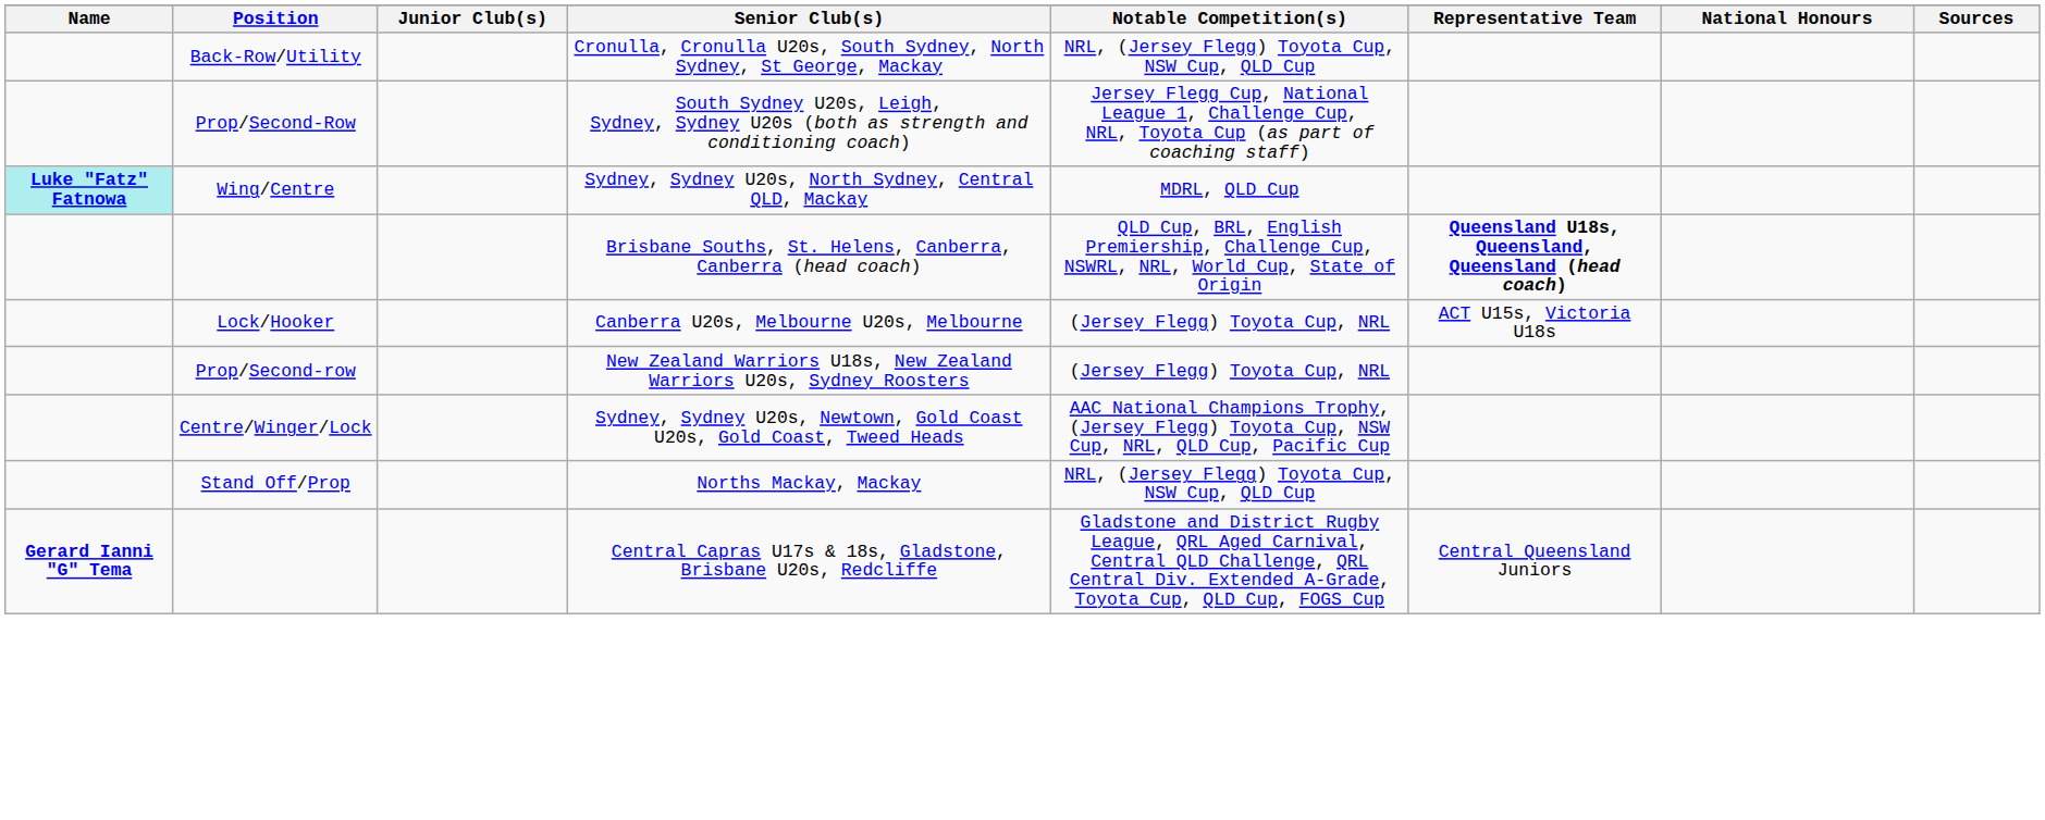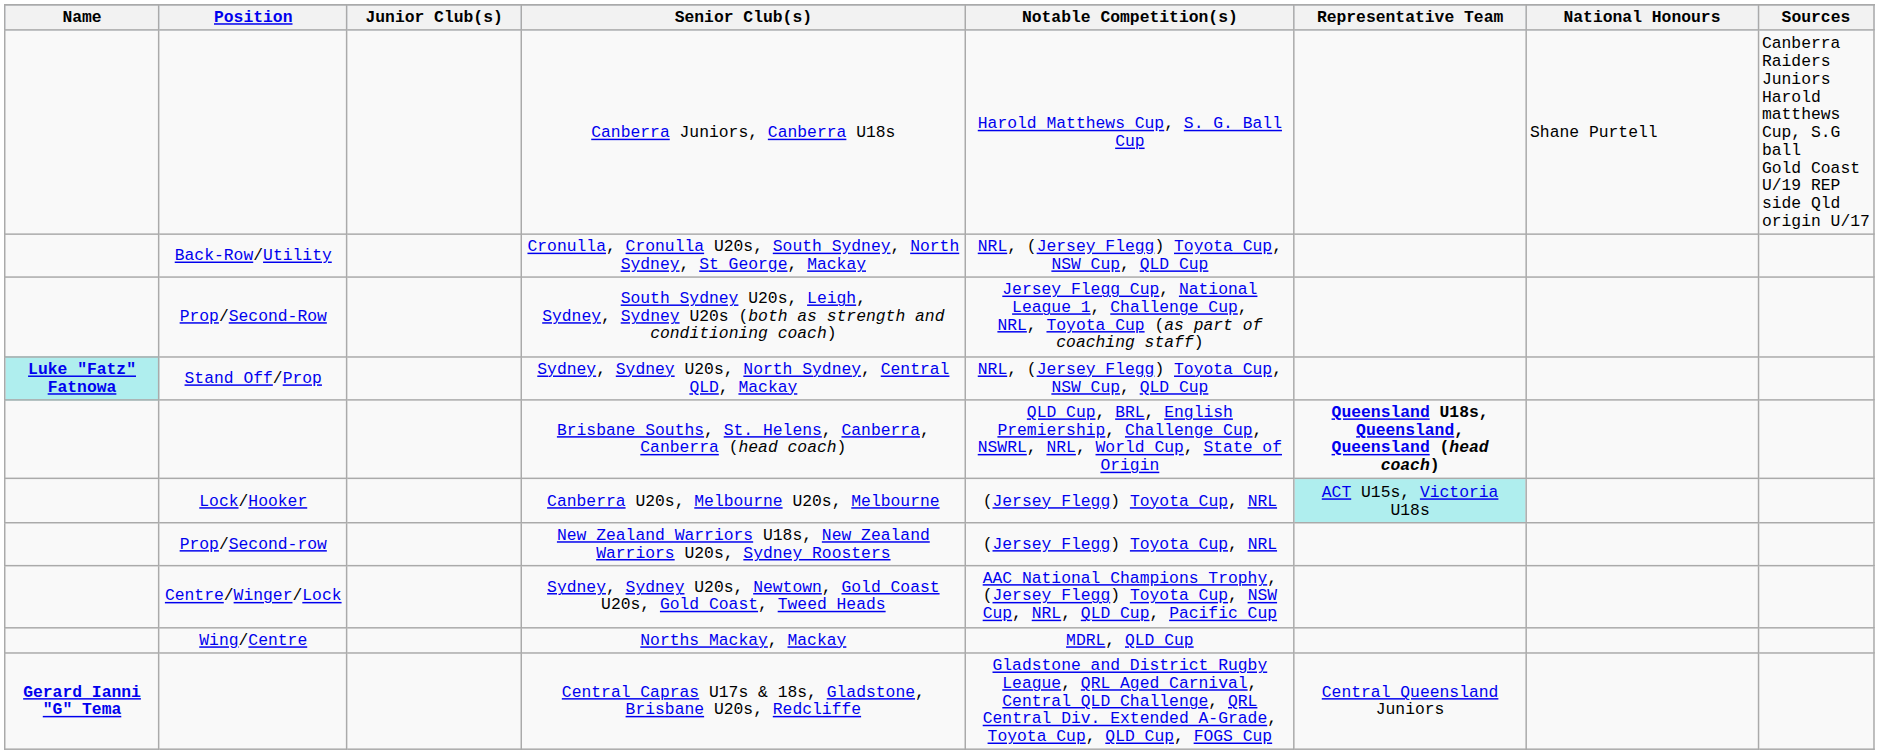 <table class="wikitable sortable" width="100%" style="font-size:85%">
 <tr bgcolor="#D0E7FF">
 </tr>
 <tr bgcolor="#D0E7FF">
 <th width=8%>Name</th>
 <th width=5%><a href='#'>Position</a></th>
 <th width=9%>Junior Club(s)</th>
 <th width=23%>Senior Club(s)</th>
 <th width=17%>Notable Competition(s)</th>
 <th width=12%>Representative Team</th>
 <th width=12%>National Honours</th>
 <th width=6%>Sources</th>
+</tr>
+<tr>
+<td></td>
+<td></td>
+<td></td>
+<td style="text-align:center;"><a href='#'>Canberra</a> Juniors, <a href='#'>Canberra</a> U18s</td>
+<td style="text-align:center;"><a href='#'>Harold Matthews Cup</a>, <a href='#'>S. G. Ball Cup</a></td>
+<td></td>
+<td>Shane Purtell</td>
+<td>Canberra Raiders Juniors Harold matthews Cup, S.G ball<br>Gold Coast U/19 REP side Qld origin U/17</td>
 </tr>
 <tr>
 <td></td>
 <td style="text-align:center;"><a href='#'>Back-Row</a>/<a href='#'>Utility</a></td>
 <td></td>
 <td style="text-align:center;"><a href='#'>Cronulla</a>, <a href='#'>Cronulla</a> U20s, <a href='#'>South Sydney</a>, <a href='#'>North Sydney</a>, <a href='#'>St George</a>, <a href='#'>Mackay</a></td>
 <td style="text-align:center;"><a href='#'>NRL</a>, (<a href='#'>Jersey Flegg</a>) <a href='#'>Toyota Cup</a>, <a href='#'>NSW Cup</a>, <a href='#'>QLD Cup</a></td>
 <td></td>
 <td></td>
 <td></td>
 </tr>
 <tr>
 <td></td>
 <td style="text-align:center;"><a href='#'>Prop</a>/<a href='#'>Second-Row</a></td>
 <td></td>
 <td style="text-align:center;"><a href='#'>South Sydney</a> U20s, <a href='#'>Leigh</a>,<br> <a href='#'>Sydney</a>, <a href='#'>Sydney</a> U20s (<em>both as strength and conditioning coach</em>)</td>
 <td style="text-align:center;"><a href='#'>Jersey Flegg Cup</a>, <a href='#'>National League 1</a>, <a href='#'>Challenge Cup</a>, <br><a href='#'>NRL</a>, <a href='#'>Toyota Cup</a> (<em>as part of coaching staff</em>)</td>
 <td></td>
 <td></td>
 <td></td>
 </tr>
 <tr>
 <td style="background: paleturquoise; text-align:center;"><strong><a href='#'>Luke "Fatz" Fatnowa</a></strong></td>
-<td style="text-align:center;"><a href='#'>Wing</a>/<a href='#'>Centre</a></td>
+<td style="text-align:center;"><a href='#'>Stand Off</a>/<a href='#'>Prop</a></td>
 <td></td>
 <td style="text-align:center;"><a href='#'>Sydney</a>, <a href='#'>Sydney</a> U20s, <a href='#'>North Sydney</a>, <a href='#'>Central QLD</a>, <a href='#'>Mackay</a></td>
-<td style="text-align:center;"><a href='#'>MDRL</a>, <a href='#'>QLD Cup</a></td>
+<td style="text-align:center;"><a href='#'>NRL</a>, (<a href='#'>Jersey Flegg</a>) <a href='#'>Toyota Cup</a>, <a href='#'>NSW Cup</a>, <a href='#'>QLD Cup</a></td>
 <td></td>
 <td></td>
 <td style="text-align:center;"><br><br></td>
 </tr>
 <tr>
 <td></td>
 <td></td>
 <td></td>
 <td style="text-align:center;"><a href='#'>Brisbane Souths</a>, <a href='#'>St. Helens</a>, <a href='#'>Canberra</a>, <br> <a href='#'>Canberra</a> (<em>head coach</em>)</td>
 <td style="text-align:center;"><a href='#'>QLD Cup</a>, <a href='#'>BRL</a>, <a href='#'>English Premiership</a>, <a href='#'>Challenge Cup</a>, <a href='#'>NSWRL</a>, <a href='#'>NRL</a>, <a href='#'>World Cup</a>, <a href='#'>State of Origin</a></td>
 <td style="text-align:center;"><strong><a href='#'>Queensland</a> U18s, <a href='#'>Queensland</a>, <br> <a href='#'>Queensland</a> (<em>head coach</em>)</strong></td>
 <td></td>
 <td></td>
 </tr>
 <tr>
 <td></td>
 <td style="text-align:center;"><a href='#'>Lock</a>/<a href='#'>Hooker</a></td>
 <td></td>
 <td style="text-align:center;"><a href='#'>Canberra</a> U20s, <a href='#'>Melbourne</a> U20s, <a href='#'>Melbourne</a></td>
 <td style="text-align:center;">(<a href='#'>Jersey Flegg</a>) <a href='#'>Toyota Cup</a>, <a href='#'>NRL</a></td>
-<td style="text-align:center;"><a href='#'>ACT</a> U15s, <a href='#'>Victoria</a> U18s</td>
+<td style="background: paleturquoise; text-align:center;"><a href='#'>ACT</a> U15s, <a href='#'>Victoria</a> U18s</td>
 <td></td>
 <td></td>
 </tr>
 <tr>
 <td></td>
 <td style="text-align:center;"><a href='#'>Prop</a>/<a href='#'>Second-row</a></td>
 <td></td>
 <td style="text-align:center;"><a href='#'>New Zealand Warriors</a> U18s, <a href='#'>New Zealand Warriors</a> U20s, <a href='#'>Sydney Roosters</a></td>
 <td style="text-align:center;">(<a href='#'>Jersey Flegg</a>) <a href='#'>Toyota Cup</a>, <a href='#'>NRL</a></td>
 <td></td>
 <td></td>
 <td></td>
 </tr>
 <tr>
 <td></td>
 <td style="text-align:center;"><a href='#'>Centre</a>/<a href='#'>Winger</a>/<a href='#'>Lock</a></td>
 <td></td>
 <td style="text-align:center;"><a href='#'>Sydney</a>, <a href='#'>Sydney</a> U20s, <a href='#'>Newtown</a>, <a href='#'>Gold Coast</a> U20s, <a href='#'>Gold Coast</a>, <a href='#'>Tweed Heads</a></td>
 <td style="text-align:center;"><a href='#'>AAC National Champions Trophy</a>, (<a href='#'>Jersey Flegg</a>) <a href='#'>Toyota Cup</a>, <a href='#'>NSW Cup</a>, <a href='#'>NRL</a>, <a href='#'>QLD Cup</a>, <a href='#'>Pacific Cup</a></td>
 <td></td>
 <td></td>
 <td></td>
 </tr>
 <tr>
 <td></td>
-<td style="text-align:center;"><a href='#'>Stand Off</a>/<a href='#'>Prop</a></td>
+<td style="text-align:center;"><a href='#'>Wing</a>/<a href='#'>Centre</a></td>
 <td></td>
 <td style="text-align:center;"><a href='#'>Norths Mackay</a>, <a href='#'>Mackay</a></td>
-<td style="text-align:center;"><a href='#'>NRL</a>, (<a href='#'>Jersey Flegg</a>) <a href='#'>Toyota Cup</a>, <a href='#'>NSW Cup</a>, <a href='#'>QLD Cup</a></td>
+<td style="text-align:center;"><a href='#'>MDRL</a>, <a href='#'>QLD Cup</a></td>
 <td></td>
 <td></td>
 <td></td>
 </tr>
 <tr>
 <td style="text-align:center;"><strong><a href='#'>Gerard Ianni "G" Tema</a></strong></td>
 <td></td>
 <td></td>
 <td style="text-align:center;"><a href='#'>Central Capras</a> U17s & 18s, <a href='#'>Gladstone</a>, <a href='#'>Brisbane</a> U20s, <a href='#'>Redcliffe</a></td>
 <td style="text-align:center;"><a href='#'>Gladstone and District Rugby League</a>, <a href='#'>QRL Aged Carnival</a>, <a href='#'>Central QLD Challenge</a>, <a href='#'>QRL Central Div. Extended A-Grade</a>, <a href='#'>Toyota Cup</a>, <a href='#'>QLD Cup</a>, <a href='#'>FOGS Cup</a></td>
 <td style="text-align:center;"><a href='#'>Central Queensland</a> <br> Juniors</td>
 <td></td>
 <td style="text-align:center;"><br><br></td>
 </tr>
 </table>
